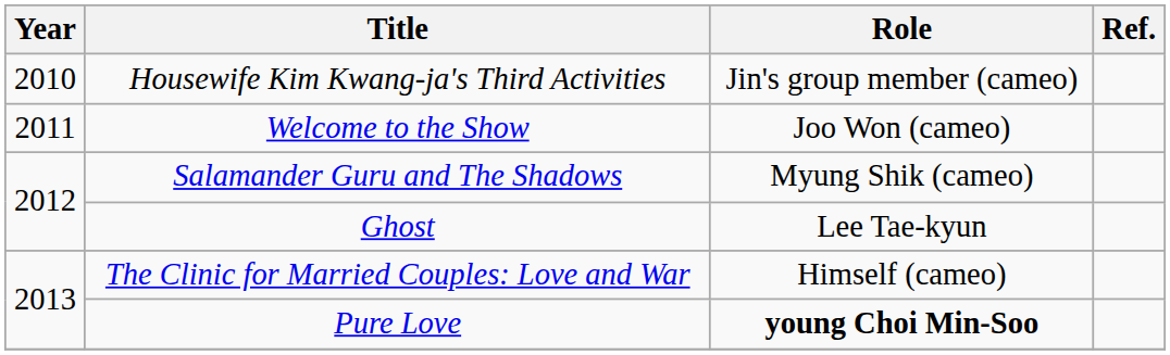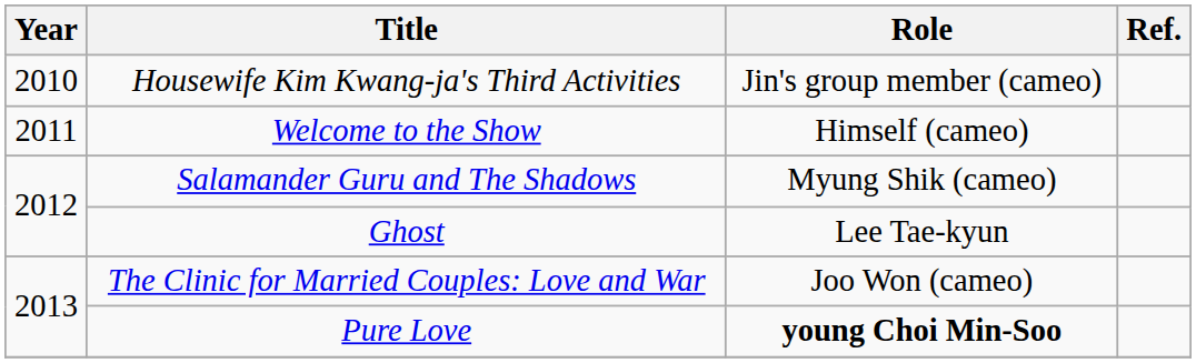 <table class="wikitable" style="text-align:center; width:600px">
 <tr>
 <th>Year</th>
 <th>Title</th>
 <th>Role</th>
 <th>Ref.</th>
 </tr>
 <tr>
 <td align="center" rowspan="1">2010</td>
 <td align="center"><em>Housewife Kim Kwang-ja's Third Activities</em></td>
 <td align="center">Jin's group member (cameo)</td>
 <td align="center"></td>
 </tr>
 <tr>
 <td align="center" rowspan="1">2011</td>
 <td align="center"><em><a href='#'>Welcome to the Show</a></em></td>
-<td align="center">Joo Won (cameo)</td>
+<td align="center">Himself (cameo)</td>
 <td align="center"></td>
 </tr>
 <tr>
 <td rowspan="2" align="center">2012</td>
 <td align="center"><em><a href='#'>Salamander Guru and The Shadows</a></em></td>
 <td align="center">Myung Shik (cameo)</td>
 <td align="center"></td>
 </tr>
 <tr>
 <td align="center"><em><a href='#'>Ghost</a></em></td>
 <td align="center">Lee Tae-kyun</td>
 <td></td>
 </tr>
 <tr>
 <td rowspan="2" align="center">2013</td>
 <td align="center"><em><a href='#'>The Clinic for Married Couples: Love and War</a></em></td>
-<td align="center">Himself (cameo)</td>
+<td align="center">Joo Won (cameo)</td>
 <td align="center"></td>
 </tr>
 <tr>
 <td align="center"><em><a href='#'>Pure Love</a></em></td>
 <td align="center"><strong>young Choi Min-Soo</strong></td>
 <td></td>
 </tr>
 <tr>
 </tr>
 </table>
